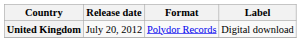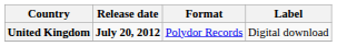 <table class="wikitable plainrowheaders">
 <tr>
 <th scope="col">Country</th>
 <th scope="col">Release date</th>
 <th scope="col">Format</th>
 <th scope="col">Label</th>
 </tr>
 <tr>
 <th scope="row">United Kingdom</th>
-<td>July 20, 2012</td>
+<td><strong>July 20, 2012</strong></td>
 <td><a href='#'>Polydor Records</a></td>
 <td>Digital download</td>
 </tr>
 <tr>
 </tr>
 </table>
